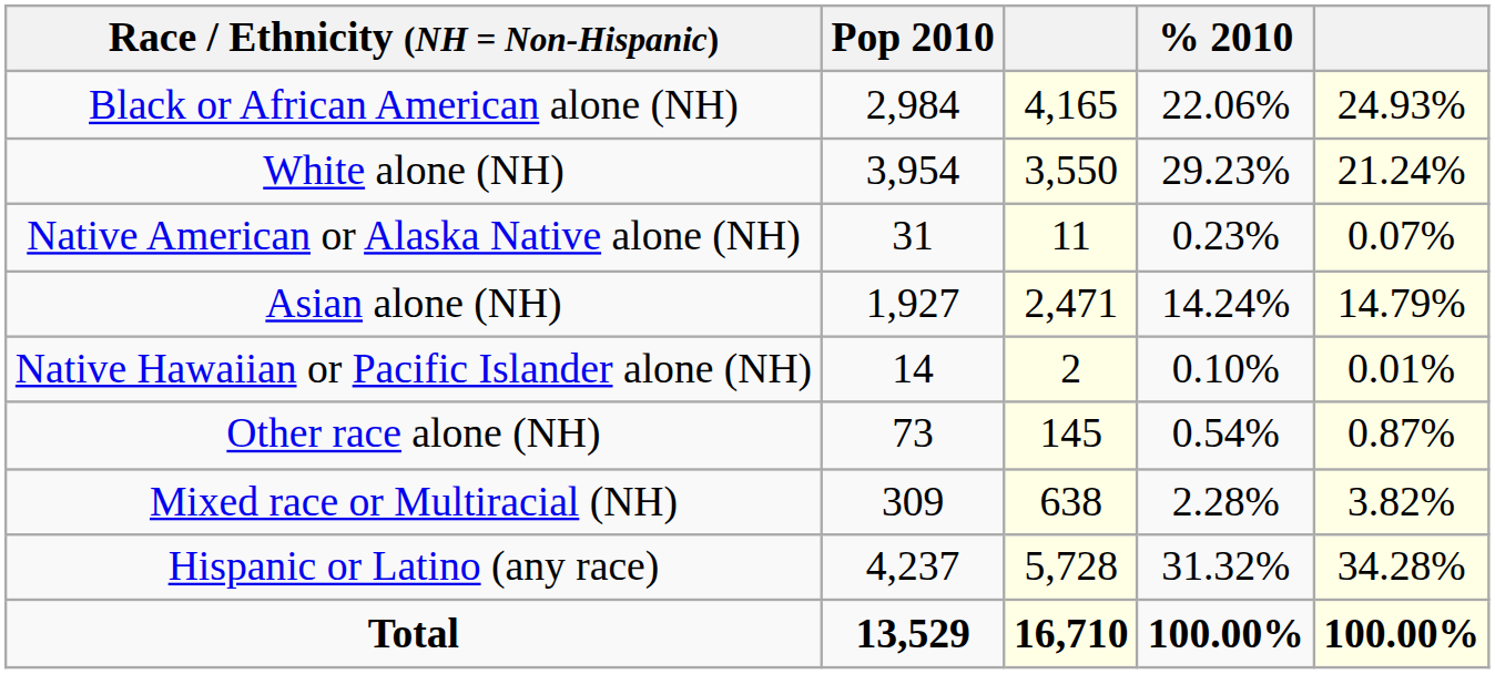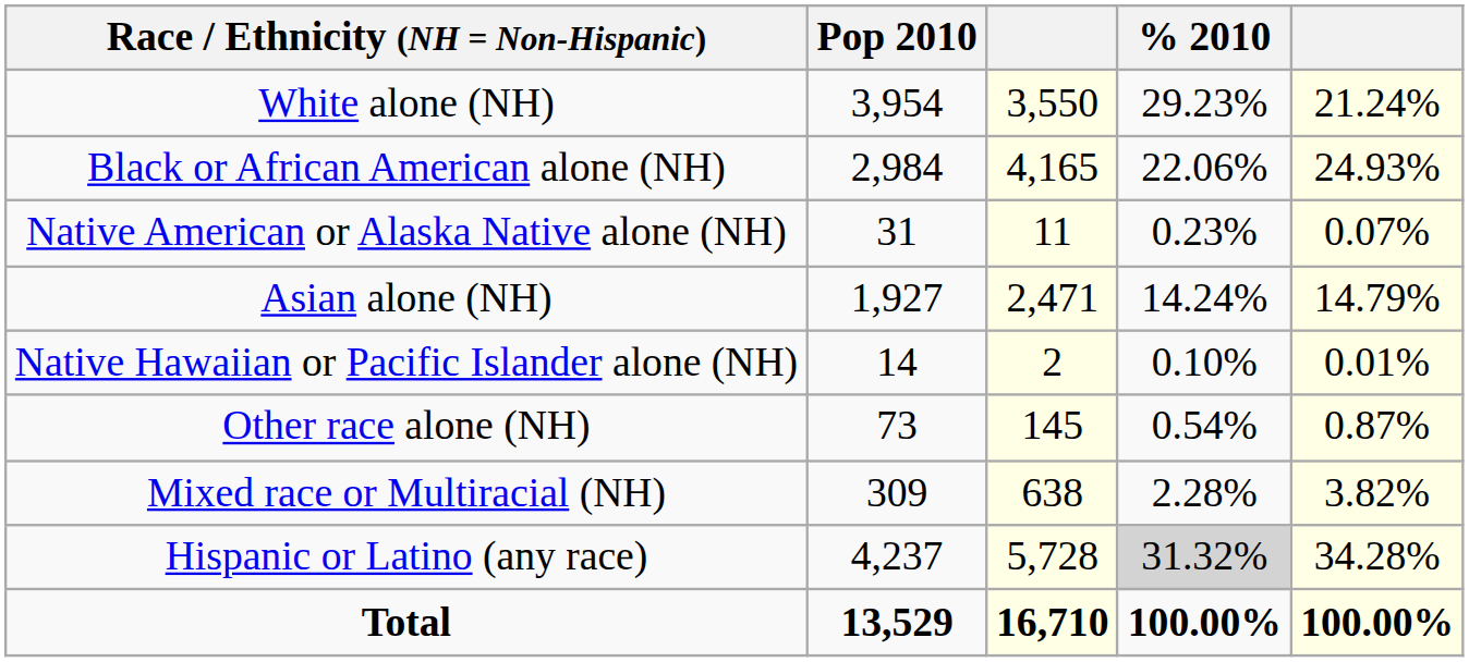 <table class="wikitable" style="text-align:center;">
 <tr>
 <th>Race / Ethnicity <small>(<em>NH = Non-Hispanic</em>)</small></th>
 <th>Pop 2010</th>
 <th></th>
 <th>% 2010</th>
 <th></th>
 </tr>
 <tr>
+<td><a href='#'>White</a> alone (NH)</td>
+<td>3,954</td>
+<td style='background: #ffffe6;'>3,550</td>
+<td>29.23%</td>
+<td style='background: #ffffe6;'>21.24%</td>
+</tr>
+<tr>
 <td><a href='#'>Black or African American</a> alone (NH)</td>
 <td>2,984</td>
 <td style='background: #ffffe6;'>4,165</td>
 <td>22.06%</td>
 <td style='background: #ffffe6;'>24.93%</td>
-</tr>
-<tr>
-<td><a href='#'>White</a> alone (NH)</td>
-<td>3,954</td>
-<td style='background: #ffffe6;'>3,550</td>
-<td>29.23%</td>
-<td style='background: #ffffe6;'>21.24%</td>
 </tr>
 <tr>
 <td><a href='#'>Native American</a> or <a href='#'>Alaska Native</a> alone (NH)</td>
 <td>31</td>
 <td style='background: #ffffe6;'>11</td>
 <td>0.23%</td>
 <td style='background: #ffffe6;'>0.07%</td>
 </tr>
 <tr>
 <td><a href='#'>Asian</a> alone (NH)</td>
 <td>1,927</td>
 <td style='background: #ffffe6;'>2,471</td>
 <td>14.24%</td>
 <td style='background: #ffffe6;'>14.79%</td>
 </tr>
 <tr>
 <td><a href='#'>Native Hawaiian</a> or <a href='#'>Pacific Islander</a> alone (NH)</td>
 <td>14</td>
 <td style='background: #ffffe6;'>2</td>
 <td>0.10%</td>
 <td style='background: #ffffe6;'>0.01%</td>
 </tr>
 <tr>
 <td><a href='#'>Other race</a> alone (NH)</td>
 <td>73</td>
 <td style='background: #ffffe6;'>145</td>
 <td>0.54%</td>
 <td style='background: #ffffe6;'>0.87%</td>
 </tr>
 <tr>
 <td><a href='#'>Mixed race or Multiracial</a> (NH)</td>
 <td>309</td>
 <td style='background: #ffffe6;'>638</td>
 <td>2.28%</td>
 <td style='background: #ffffe6;'>3.82%</td>
 </tr>
 <tr>
 <td><a href='#'>Hispanic or Latino</a> (any race)</td>
 <td>4,237</td>
 <td style='background: #ffffe6;'>5,728</td>
-<td>31.32%</td>
+<td style="background: lightgrey;">31.32%</td>
 <td style='background: #ffffe6;'>34.28%</td>
 </tr>
 <tr>
 <td><strong>Total</strong></td>
 <td><strong>13,529</strong></td>
 <td style='background: #ffffe6;'><strong>16,710</strong></td>
 <td><strong>100.00%</strong></td>
 <td style='background: #ffffe6;'><strong>100.00%</strong></td>
 </tr>
 </table>
